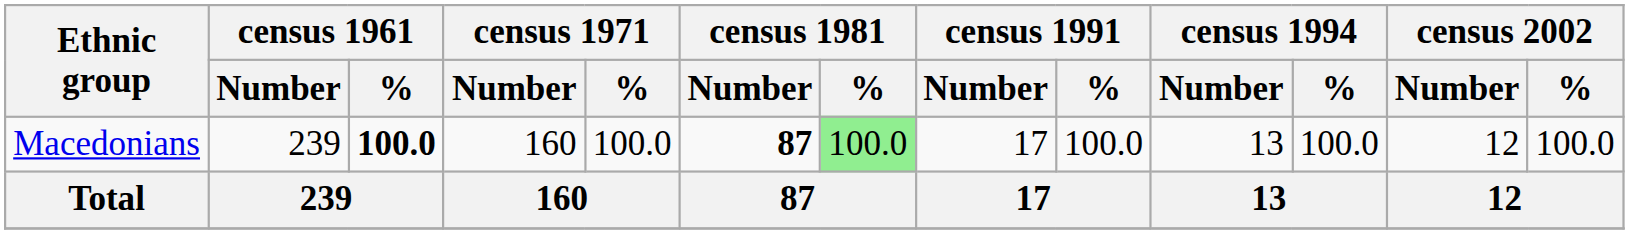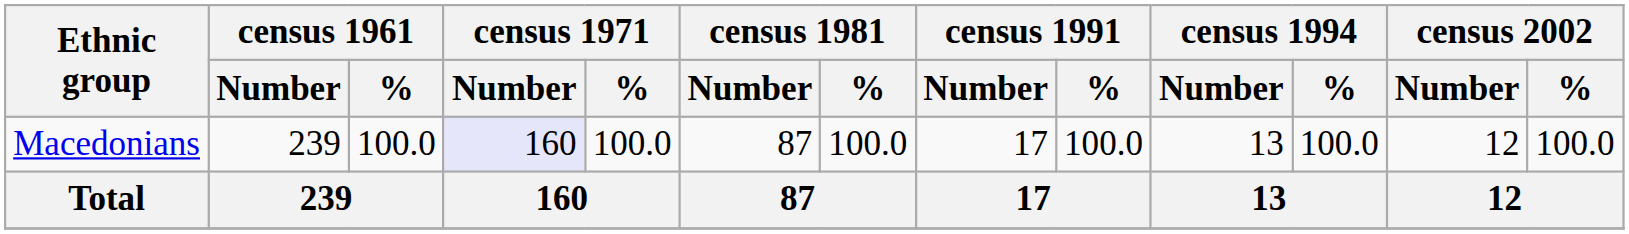 <table class="wikitable">
 <tr>
 <th rowspan="2">Ethnic<br>group</th>
 <th colspan="2">census 1961</th>
 <th colspan="2">census 1971</th>
 <th colspan="2">census 1981</th>
 <th colspan="2">census 1991</th>
 <th colspan="2">census 1994</th>
 <th colspan="2">census 2002</th>
 </tr>
 <tr bgcolor="#e0e0e0">
 <th>Number</th>
 <th>%</th>
 <th>Number</th>
 <th>%</th>
 <th>Number</th>
 <th>%</th>
 <th>Number</th>
 <th>%</th>
 <th>Number</th>
 <th>%</th>
 <th>Number</th>
 <th>%</th>
 </tr>
 <tr>
 <td><a href='#'>Macedonians</a></td>
 <td align="right">239</td>
-<td align="right"><strong>100.0</strong></td>
-<td align="right">160</td>
 <td align="right">100.0</td>
-<td align="right"><strong>87</strong></td>
-<td align="right" style="background: lightgreen;">100.0</td>
+<td align="right" style="background: lavender;">160</td>
+<td align="right">100.0</td>
+<td align="right">87</td>
+<td align="right">100.0</td>
 <td align="right">17</td>
 <td align="right">100.0</td>
 <td align="right">13</td>
 <td align="right">100.0</td>
 <td align="right">12</td>
 <td align="right">100.0</td>
 </tr>
 <tr bgcolor="#e0e0e0">
 <th align="left">Total</th>
 <th colspan="2">239</th>
 <th colspan="2">160</th>
 <th colspan="2">87</th>
 <th colspan="2">17</th>
 <th colspan="2">13</th>
 <th colspan="2">12</th>
 </tr>
 <tr>
 </tr>
 </table>
